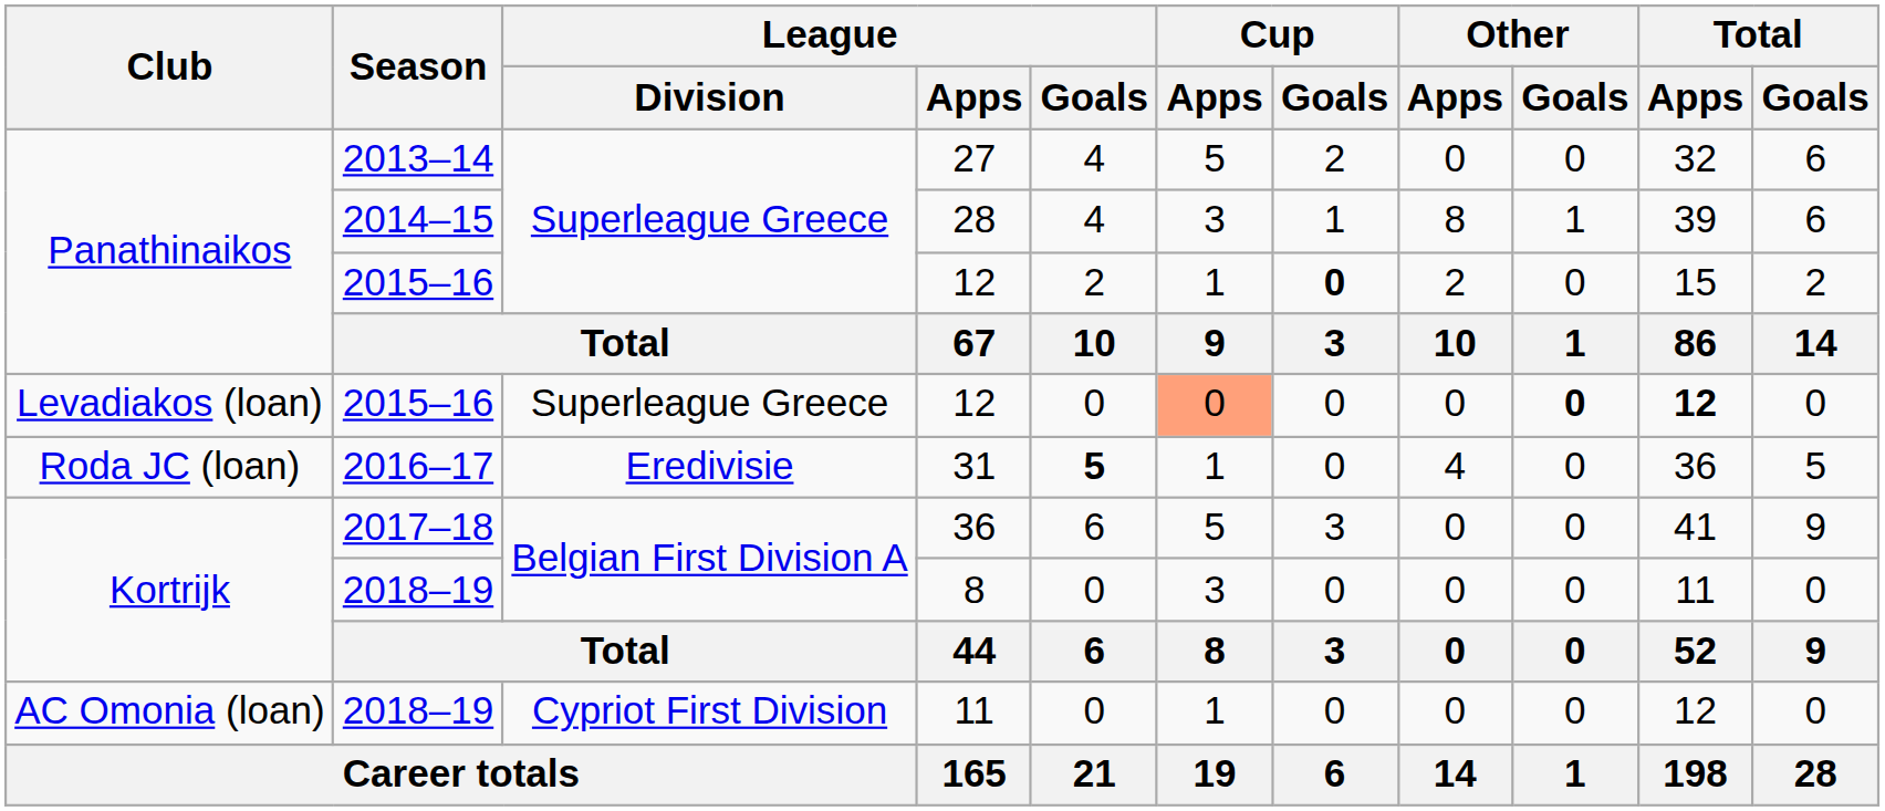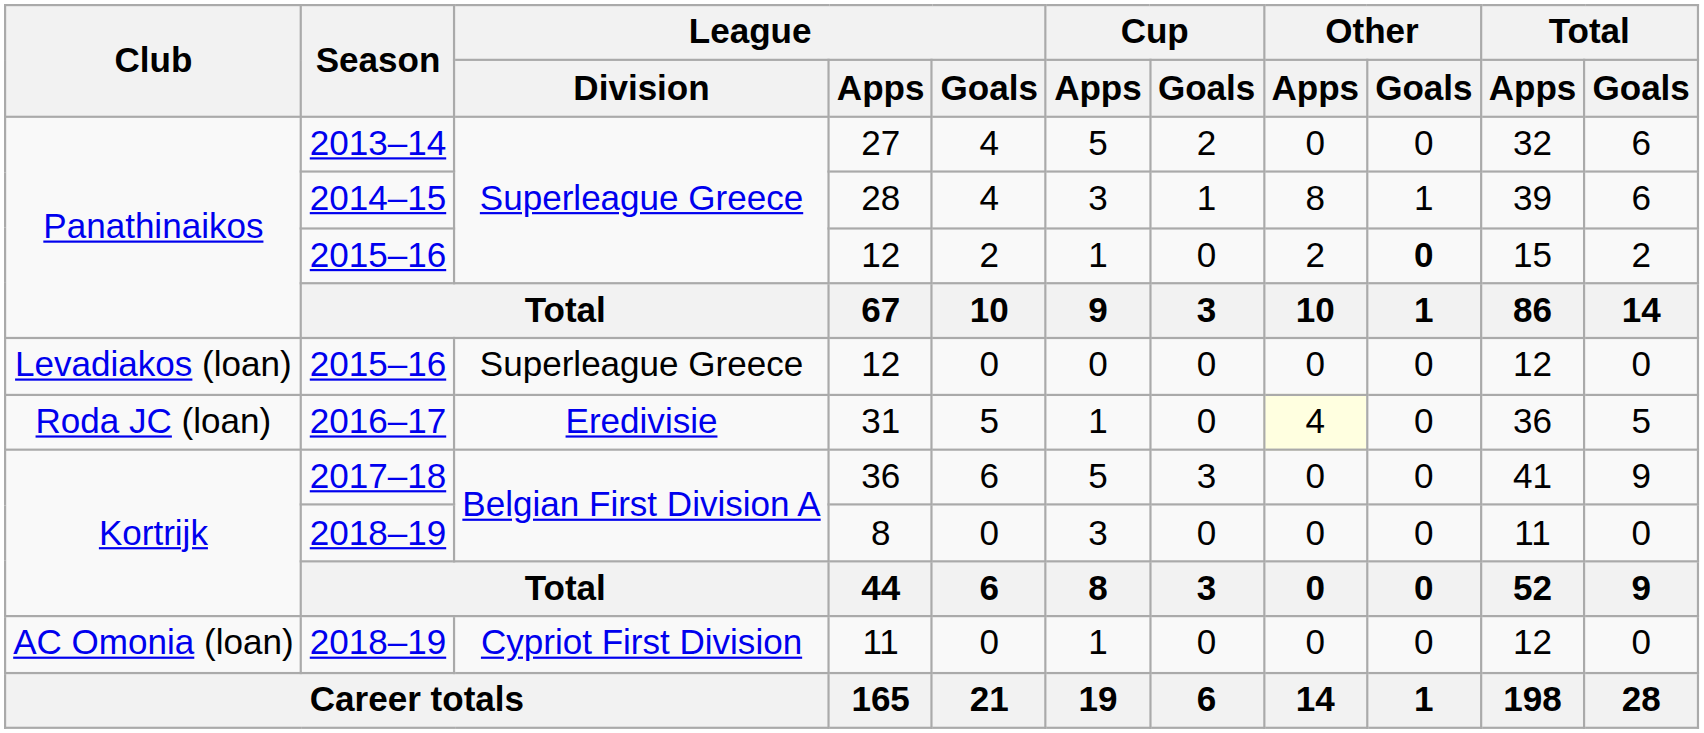 <table class="wikitable" style="text-align: center">
 <tr>
 <th rowspan=2>Club</th>
 <th rowspan=2>Season</th>
 <th colspan=3>League</th>
 <th colspan=2>Cup</th>
 <th colspan=2>Other</th>
 <th colspan=2>Total</th>
 </tr>
 <tr>
 <th>Division</th>
 <th>Apps</th>
 <th>Goals</th>
 <th>Apps</th>
 <th>Goals</th>
 <th>Apps</th>
 <th>Goals</th>
 <th>Apps</th>
 <th>Goals</th>
 </tr>
 <tr>
 <td rowspan=4><a href='#'>Panathinaikos</a></td>
 <td><a href='#'>2013–14</a></td>
 <td rowspan=3><a href='#'>Superleague Greece</a></td>
 <td>27</td>
 <td>4</td>
 <td>5</td>
 <td>2</td>
 <td>0</td>
 <td>0</td>
 <td>32</td>
 <td>6</td>
 </tr>
 <tr>
 <td><a href='#'>2014–15</a></td>
 <td>28</td>
 <td>4</td>
 <td>3</td>
 <td>1</td>
 <td>8</td>
 <td>1</td>
 <td>39</td>
 <td>6</td>
 </tr>
 <tr>
 <td><a href='#'>2015–16</a></td>
 <td>12</td>
 <td>2</td>
 <td>1</td>
+<td>0</td>
+<td>2</td>
 <td><strong>0</strong></td>
-<td>2</td>
-<td>0</td>
 <td>15</td>
 <td>2</td>
 </tr>
 <tr>
 <th colspan=2>Total</th>
 <th>67</th>
 <th>10</th>
 <th>9</th>
 <th>3</th>
 <th>10</th>
 <th>1</th>
 <th>86</th>
 <th>14</th>
 </tr>
 <tr>
 <td><a href='#'>Levadiakos</a> (loan)</td>
 <td><a href='#'>2015–16</a></td>
 <td>Superleague Greece</td>
 <td>12</td>
 <td>0</td>
-<td style="background: lightsalmon;">0</td>
 <td>0</td>
 <td>0</td>
-<td><strong>0</strong></td>
-<td><strong>12</strong></td>
+<td>0</td>
+<td>0</td>
+<td>12</td>
 <td>0</td>
 </tr>
 <tr>
 <td><a href='#'>Roda JC</a> (loan)</td>
 <td><a href='#'>2016–17</a></td>
 <td><a href='#'>Eredivisie</a></td>
 <td>31</td>
-<td><strong>5</strong></td>
+<td>5</td>
 <td>1</td>
 <td>0</td>
-<td>4</td>
+<td style="background: lightyellow;">4</td>
 <td>0</td>
 <td>36</td>
 <td>5</td>
 </tr>
 <tr>
 <td rowspan=3><a href='#'>Kortrijk</a></td>
 <td><a href='#'>2017–18</a></td>
 <td rowspan=2><a href='#'>Belgian First Division A</a></td>
 <td>36</td>
 <td>6</td>
 <td>5</td>
 <td>3</td>
 <td>0</td>
 <td>0</td>
 <td>41</td>
 <td>9</td>
 </tr>
 <tr>
 <td><a href='#'>2018–19</a></td>
 <td>8</td>
 <td>0</td>
 <td>3</td>
 <td>0</td>
 <td>0</td>
 <td>0</td>
 <td>11</td>
 <td>0</td>
 </tr>
 <tr>
 <th colspan=2>Total</th>
 <th>44</th>
 <th>6</th>
 <th>8</th>
 <th>3</th>
 <th>0</th>
 <th>0</th>
 <th>52</th>
 <th>9</th>
 </tr>
 <tr>
 <td><a href='#'>AC Omonia</a> (loan)</td>
 <td><a href='#'>2018–19</a></td>
 <td><a href='#'>Cypriot First Division</a></td>
 <td>11</td>
 <td>0</td>
 <td>1</td>
 <td>0</td>
 <td>0</td>
 <td>0</td>
 <td>12</td>
 <td>0</td>
 </tr>
 <tr>
 <th colspan=3>Career totals</th>
 <th>165</th>
 <th>21</th>
 <th>19</th>
 <th>6</th>
 <th>14</th>
 <th>1</th>
 <th>198</th>
 <th>28</th>
 </tr>
 </table>
